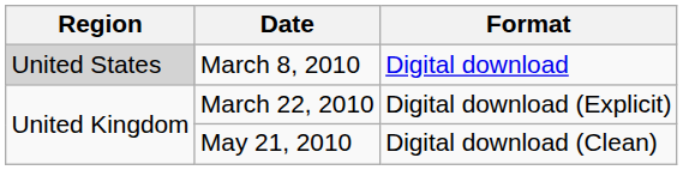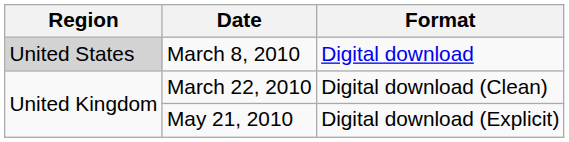 <table class="wikitable">
 <tr>
 <th>Region</th>
 <th>Date</th>
 <th>Format</th>
 </tr>
 <tr>
 <td style="background: lightgrey;">United States</td>
 <td>March 8, 2010</td>
 <td><a href='#'>Digital download</a></td>
 </tr>
 <tr>
 <td rowspan="2">United Kingdom</td>
 <td>March 22, 2010</td>
-<td>Digital download (Explicit)</td>
+<td>Digital download (Clean)</td>
 </tr>
 <tr>
 <td>May 21, 2010</td>
-<td>Digital download (Clean)</td>
+<td>Digital download (Explicit)</td>
 </tr>
 </table>
